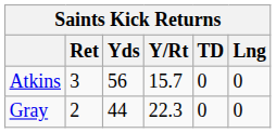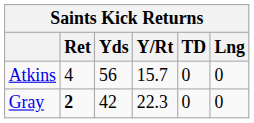 <table class="wikitable">
 <tr>
 <th colspan="6">Saints Kick Returns</th>
 </tr>
 <tr>
 <th></th>
 <th>Ret</th>
 <th>Yds</th>
 <th>Y/Rt</th>
 <th>TD</th>
 <th>Lng</th>
 </tr>
 <tr>
 <td><a href='#'>Atkins</a></td>
-<td>3</td>
+<td>4</td>
 <td>56</td>
 <td>15.7</td>
 <td>0</td>
 <td>0</td>
 </tr>
 <tr>
 <td><a href='#'>Gray</a></td>
-<td>2</td>
-<td>44</td>
+<td><strong>2</strong></td>
+<td>42</td>
 <td>22.3</td>
 <td>0</td>
 <td>0</td>
 </tr>
 </table>
